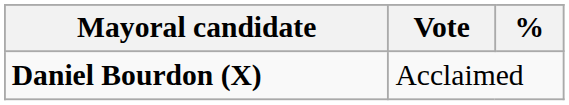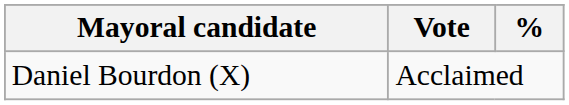 <table class="wikitable">
 <tr>
 <th bgcolor="#DDDDFF" width="200px">Mayoral candidate</th>
 <th bgcolor="#DDDDFF" width="50px">Vote</th>
 <th bgcolor="#DDDDFF"  width="30px">%</th>
 </tr>
 <tr>
-<td><strong>Daniel Bourdon (X)</strong></td>
+<td>Daniel Bourdon (X)</td>
 <td colspan="2">Acclaimed</td>
 </tr>
 </table>
